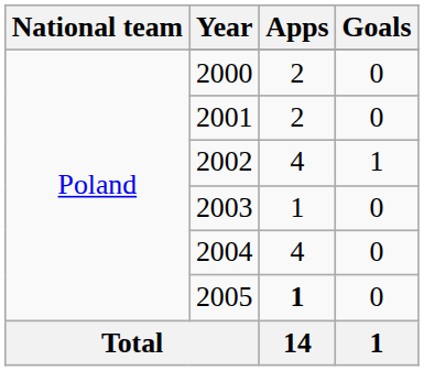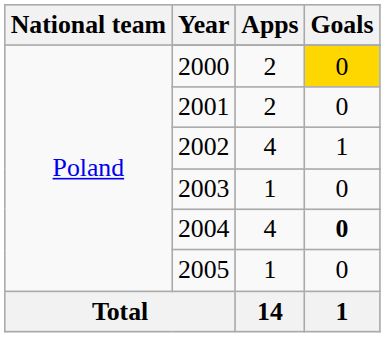 <table class="wikitable" style="text-align: center;">
 <tr>
 <th>National team</th>
 <th>Year</th>
 <th>Apps</th>
 <th>Goals</th>
 </tr>
 <tr>
 <td rowspan="7"><a href='#'>Poland</a></td>
 </tr>
 <tr>
 <td>2000</td>
 <td>2</td>
-<td>0</td>
+<td style="background: gold;">0</td>
 </tr>
 <tr>
 <td>2001</td>
 <td>2</td>
 <td>0</td>
 </tr>
 <tr>
 <td>2002</td>
 <td>4</td>
 <td>1</td>
 </tr>
 <tr>
 <td>2003</td>
 <td>1</td>
 <td>0</td>
 </tr>
 <tr>
 <td>2004</td>
 <td>4</td>
-<td>0</td>
+<td><strong>0</strong></td>
 </tr>
 <tr>
 <td>2005</td>
-<td><strong>1</strong></td>
+<td>1</td>
 <td>0</td>
 </tr>
 <tr>
 <th colspan="2">Total</th>
 <th>14</th>
 <th>1</th>
 </tr>
 </table>
